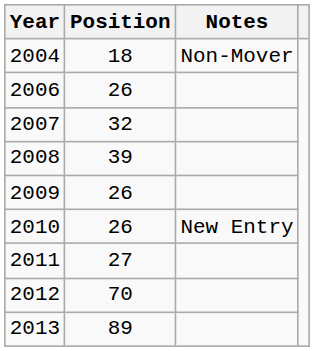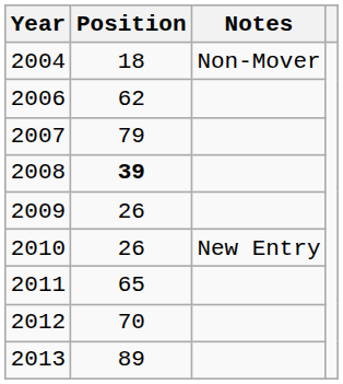 <table class="wikitable plainrowheaders" style="text-align:center;">
 <tr>
 <th>Year</th>
 <th>Position</th>
 <th>Notes</th>
 <th></th>
 </tr>
 <tr>
 <td>2004</td>
 <td>18</td>
 <td>Non-Mover</td>
 <td rowspan="9"></td>
 </tr>
 <tr>
 <td>2006</td>
-<td>26</td>
+<td>62</td>
 <td></td>
 </tr>
 <tr>
 <td>2007</td>
-<td>32</td>
+<td>79</td>
 <td></td>
 </tr>
 <tr>
 <td>2008</td>
-<td>39</td>
+<td><strong>39</strong></td>
 <td></td>
 </tr>
 <tr>
 <td>2009</td>
 <td>26</td>
 <td></td>
 </tr>
 <tr>
 <td>2010</td>
 <td>26</td>
 <td>New Entry</td>
 </tr>
 <tr>
 <td>2011</td>
-<td>27</td>
+<td>65</td>
 <td></td>
 </tr>
 <tr>
 <td>2012</td>
 <td>70</td>
 <td></td>
 </tr>
 <tr>
 <td>2013</td>
 <td>89</td>
 <td></td>
 </tr>
 </table>
